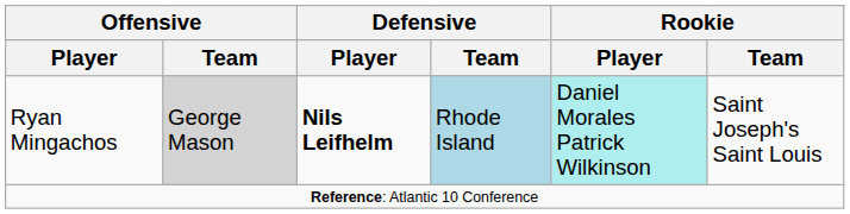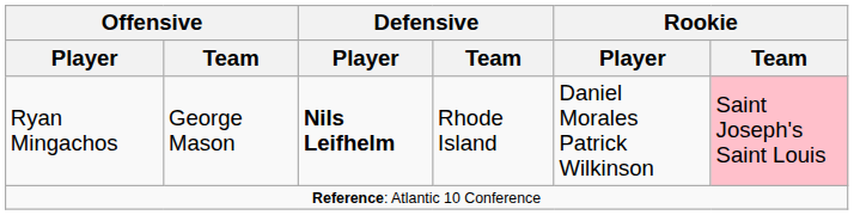 <table class="wikitable">
 <tr>
 <th colspan="2">Offensive</th>
 <th colspan="2">Defensive</th>
 <th colspan="2">Rookie</th>
 </tr>
 <tr>
 <th>Player</th>
 <th>Team</th>
 <th>Player</th>
 <th>Team</th>
 <th>Player</th>
 <th>Team</th>
 </tr>
 <tr>
 <td>Ryan Mingachos</td>
-<td style="background: lightgrey;">George Mason</td>
+<td>George Mason</td>
 <td><strong>Nils Leifhelm</strong></td>
-<td style="background: lightblue;">Rhode Island</td>
-<td style="background: paleturquoise;">Daniel Morales<br>Patrick Wilkinson</td>
-<td>Saint Joseph's<br>Saint Louis</td>
+<td>Rhode Island</td>
+<td>Daniel Morales<br>Patrick Wilkinson</td>
+<td style="background: pink;">Saint Joseph's<br>Saint Louis</td>
 </tr>
 <tr>
 <td colspan="12"  style="font-size:8pt; text-align:center;"><strong>Reference</strong>: Atlantic 10 Conference</td>
 </tr>
 </table>
